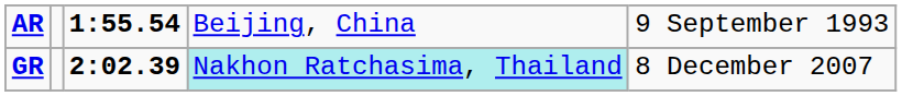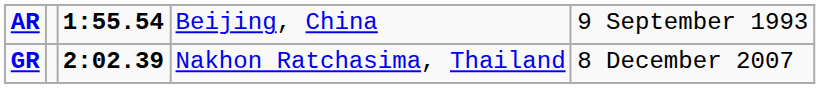 <table class="wikitable" style="font-size:95%; position:relative;">
 <tr>
 <td align=center><strong><a href='#'>AR</a></strong></td>
 <td></td>
 <td><strong>1:55.54</strong></td>
 <td><a href='#'>Beijing</a>, <a href='#'>China</a></td>
 <td>9 September 1993</td>
 </tr>
 <tr>
 <td align=center><strong><a href='#'>GR</a></strong></td>
 <td></td>
 <td><strong>	2:02.39</strong></td>
-<td style="background: paleturquoise;"><a href='#'>Nakhon Ratchasima</a>, <a href='#'>Thailand</a></td>
+<td><a href='#'>Nakhon Ratchasima</a>, <a href='#'>Thailand</a></td>
 <td>8 December 2007</td>
 </tr>
 </table>
